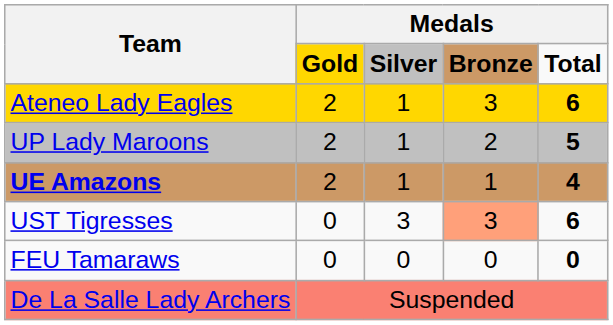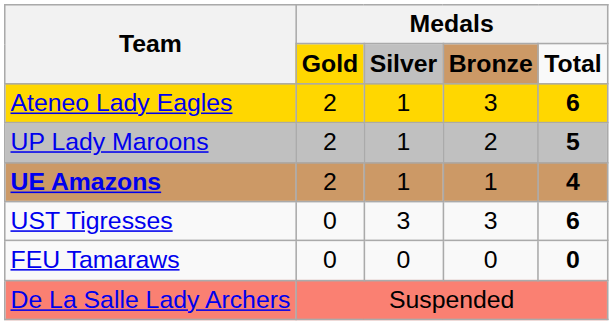 <table class="wikitable">
 <tr>
 <th rowspan=2>Team</th>
 <th colspan=4>Medals</th>
 </tr>
 <tr>
 <td align=center bgcolor="gold"><strong> Gold  </strong></td>
 <td align=center bgcolor="silver"><strong>Silver</strong></td>
 <td align=center bgcolor="CC9966"><strong>Bronze</strong></td>
 <td align=center><strong>Total</strong></td>
 </tr>
 <tr bgcolor="gold">
 <td> <a href='#'>Ateneo Lady Eagles</a></td>
 <td align=center>2</td>
 <td align=center>1</td>
 <td align=center>3</td>
 <td align=center><strong>6</strong></td>
 </tr>
 <tr bgcolor="silver">
 <td> <a href='#'>UP Lady Maroons</a></td>
 <td align=center>2</td>
 <td align=center>1</td>
 <td align=center>2</td>
 <td align=center><strong>5</strong></td>
 </tr>
 <tr bgcolor="CC9966">
 <td> <strong><a href='#'>UE Amazons</a></strong></td>
 <td align=center>2</td>
 <td align=center>1</td>
 <td align=center>1</td>
 <td align=center><strong>4</strong></td>
 </tr>
 <tr>
 <td> <a href='#'>UST Tigresses</a></td>
 <td align=center>0</td>
 <td align=center>3</td>
-<td align=center style="background: lightsalmon;">3</td>
+<td align=center>3</td>
 <td align=center><strong>6</strong></td>
 </tr>
 <tr>
 <td> <a href='#'>FEU Tamaraws</a></td>
 <td align=center>0</td>
 <td align=center>0</td>
 <td align=center>0</td>
 <td align=center><strong>0</strong></td>
 </tr>
 <tr bgcolor=salmon>
 <td> <a href='#'>De La Salle Lady Archers</a></td>
 <td align=center colspan=5>Suspended</td>
 </tr>
 </table>
